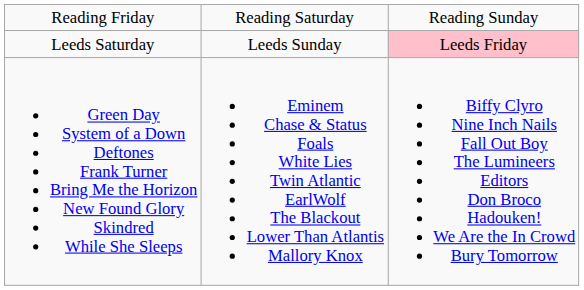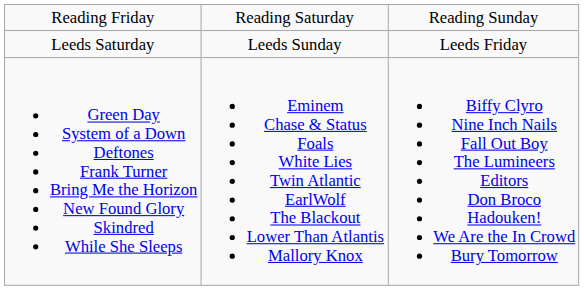 <table class="wikitable" style="text-align:center;">
 <tr>
 <td>Reading Friday</td>
 <td>Reading Saturday</td>
 <td>Reading Sunday</td>
 </tr>
 <tr>
 <td>Leeds Saturday</td>
 <td>Leeds Sunday</td>
-<td style="background: pink;">Leeds Friday</td>
+<td>Leeds Friday</td>
 </tr>
 <tr>
 <td><br><ul><li><a href='#'>Green Day</a></li><li><a href='#'>System of a Down</a></li><li><a href='#'>Deftones</a></li><li><a href='#'>Frank Turner</a></li><li><a href='#'>Bring Me the Horizon</a></li><li><a href='#'>New Found Glory</a></li><li><a href='#'>Skindred</a></li><li><a href='#'>While She Sleeps</a></li></ul></td>
 <td><br><ul><li><a href='#'>Eminem</a></li><li><a href='#'>Chase & Status</a></li><li><a href='#'>Foals</a></li><li><a href='#'>White Lies</a></li><li><a href='#'>Twin Atlantic</a></li><li><a href='#'>EarlWolf</a></li><li><a href='#'>The Blackout</a></li><li><a href='#'>Lower Than Atlantis</a></li><li><a href='#'>Mallory Knox</a></li></ul></td>
 <td><br><ul><li><a href='#'>Biffy Clyro</a></li><li><a href='#'>Nine Inch Nails</a></li><li><a href='#'>Fall Out Boy</a></li><li><a href='#'>The Lumineers</a></li><li><a href='#'>Editors</a></li><li><a href='#'>Don Broco</a></li><li><a href='#'>Hadouken!</a></li><li><a href='#'>We Are the In Crowd</a></li><li><a href='#'>Bury Tomorrow</a></li></ul></td>
 </tr>
 </table>
